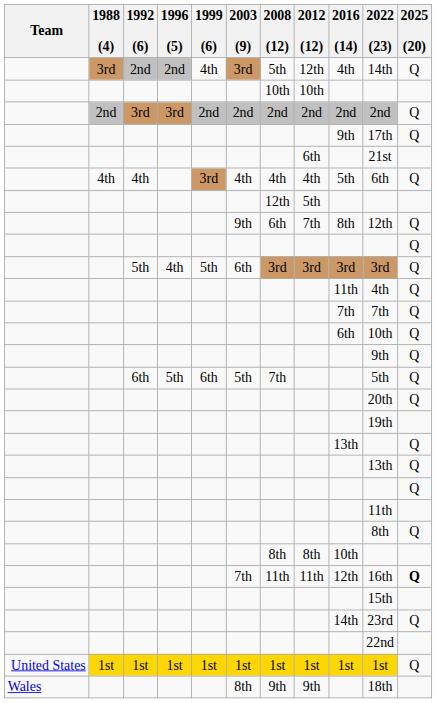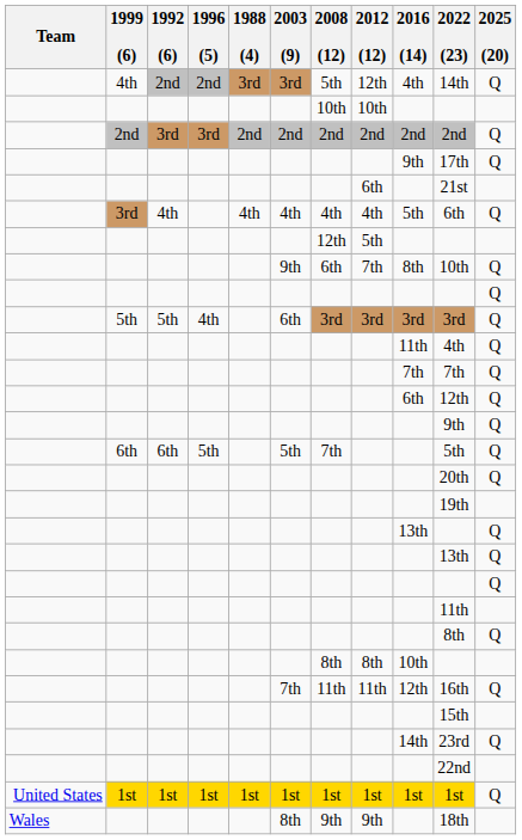 <table class="wikitable"  style="text-align:center;">
 <tr>
 <th>Team</th>
-<th>1988<br><br>(4)</th>
+<th>1999<br><br>(6)</th>
 <th>1992<br><br>(6)</th>
 <th>1996<br><br>(5)</th>
-<th>1999<br><br>(6)</th>
+<th>1988<br><br>(4)</th>
 <th>2003<br><br>(9)</th>
 <th>2008<br><br>(12)</th>
 <th>2012<br><br>(12)</th>
 <th>2016<br><br>(14)</th>
 <th>2022<br><br>(23)</th>
 <th>2025<br><br>(20)</th>
 </tr>
 <tr>
 <td align="left"></td>
-<td bgcolor="#cc9966">3rd</td>
+<td>4th</td>
 <td bgcolor="silver">2nd</td>
 <td bgcolor="silver">2nd</td>
-<td>4th</td>
+<td bgcolor="#cc9966">3rd</td>
 <td bgcolor="#cc9966">3rd</td>
 <td>5th</td>
 <td>12th</td>
 <td>4th</td>
 <td>14th</td>
 <td>Q</td>
 </tr>
 <tr>
 <td align="left"></td>
 <td></td>
 <td></td>
 <td></td>
 <td></td>
 <td></td>
 <td>10th</td>
 <td>10th</td>
 <td></td>
 <td></td>
 <td></td>
 </tr>
 <tr>
 <td align="left"></td>
 <td bgcolor="silver">2nd</td>
 <td bgcolor="#cc9966">3rd</td>
 <td bgcolor="#cc9966">3rd</td>
 <td bgcolor="silver">2nd</td>
 <td bgcolor="silver">2nd</td>
 <td bgcolor="silver">2nd</td>
 <td bgcolor="silver">2nd</td>
 <td bgcolor="silver">2nd</td>
 <td bgcolor="silver">2nd</td>
 <td>Q</td>
 </tr>
 <tr>
 <td align="left"></td>
 <td></td>
 <td></td>
 <td></td>
 <td></td>
 <td></td>
 <td></td>
 <td></td>
 <td>9th</td>
 <td>17th</td>
 <td>Q</td>
 </tr>
 <tr>
 <td align="left"></td>
 <td></td>
 <td></td>
 <td></td>
 <td></td>
 <td></td>
 <td></td>
 <td>6th</td>
 <td></td>
 <td>21st</td>
 <td></td>
 </tr>
 <tr>
 <td align="left"></td>
-<td>4th</td>
+<td bgcolor="#cc9966">3rd</td>
 <td>4th</td>
 <td></td>
-<td bgcolor="#cc9966">3rd</td>
+<td>4th</td>
 <td>4th</td>
 <td>4th</td>
 <td>4th</td>
 <td>5th</td>
 <td>6th</td>
 <td>Q</td>
 </tr>
 <tr>
 <td align="left"></td>
 <td></td>
 <td></td>
 <td></td>
 <td></td>
 <td></td>
 <td>12th</td>
 <td>5th</td>
 <td></td>
 <td></td>
 <td></td>
 </tr>
 <tr>
 <td align="left"></td>
 <td></td>
 <td></td>
 <td></td>
 <td></td>
 <td>9th</td>
 <td>6th</td>
 <td>7th</td>
 <td>8th</td>
-<td>12th</td>
+<td>10th</td>
 <td>Q</td>
 </tr>
 <tr>
 <td align="left"></td>
 <td></td>
 <td></td>
 <td></td>
 <td></td>
 <td></td>
 <td></td>
 <td></td>
 <td></td>
 <td></td>
 <td>Q</td>
 </tr>
 <tr>
 <td align="left"></td>
-<td></td>
+<td>5th</td>
 <td>5th</td>
 <td>4th</td>
-<td>5th</td>
+<td></td>
 <td>6th</td>
 <td bgcolor="#cc9966">3rd</td>
 <td bgcolor="#cc9966">3rd</td>
 <td bgcolor="#cc9966">3rd</td>
 <td bgcolor="#cc9966">3rd</td>
 <td>Q</td>
 </tr>
 <tr>
 <td align="left"></td>
 <td></td>
 <td></td>
 <td></td>
 <td></td>
 <td></td>
 <td></td>
 <td></td>
 <td>11th</td>
 <td>4th</td>
 <td>Q</td>
 </tr>
 <tr>
 <td align="left"></td>
 <td></td>
 <td></td>
 <td></td>
 <td></td>
 <td></td>
 <td></td>
 <td></td>
 <td>7th</td>
 <td>7th</td>
 <td>Q</td>
 </tr>
 <tr>
 <td align="left"></td>
 <td></td>
 <td></td>
 <td></td>
 <td></td>
 <td></td>
 <td></td>
 <td></td>
 <td>6th</td>
-<td>10th</td>
+<td>12th</td>
 <td>Q</td>
 </tr>
 <tr>
 <td align="left"></td>
 <td></td>
 <td></td>
 <td></td>
 <td></td>
 <td></td>
 <td></td>
 <td></td>
 <td></td>
 <td>9th</td>
 <td>Q</td>
 </tr>
 <tr>
 <td align="left"></td>
-<td></td>
+<td>6th</td>
 <td>6th</td>
 <td>5th</td>
-<td>6th</td>
+<td></td>
 <td>5th</td>
 <td>7th</td>
 <td></td>
 <td></td>
 <td>5th</td>
 <td>Q</td>
 </tr>
 <tr>
 <td align="left"></td>
 <td></td>
 <td></td>
 <td></td>
 <td></td>
 <td></td>
 <td></td>
 <td></td>
 <td></td>
 <td>20th</td>
 <td>Q</td>
 </tr>
 <tr>
 <td align="left"></td>
 <td></td>
 <td></td>
 <td></td>
 <td></td>
 <td></td>
 <td></td>
 <td></td>
 <td></td>
 <td>19th</td>
 <td></td>
 </tr>
 <tr>
 <td align="left"></td>
 <td></td>
 <td></td>
 <td></td>
 <td></td>
 <td></td>
 <td></td>
 <td></td>
 <td>13th</td>
 <td></td>
 <td>Q</td>
 </tr>
 <tr>
 <td align="left"></td>
 <td></td>
 <td></td>
 <td></td>
 <td></td>
 <td></td>
 <td></td>
 <td></td>
 <td></td>
 <td>13th</td>
 <td>Q</td>
 </tr>
 <tr>
 <td align="left"></td>
 <td></td>
 <td></td>
 <td></td>
 <td></td>
 <td></td>
 <td></td>
 <td></td>
 <td></td>
 <td></td>
 <td>Q</td>
 </tr>
 <tr>
 <td align="left"></td>
 <td></td>
 <td></td>
 <td></td>
 <td></td>
 <td></td>
 <td></td>
 <td></td>
 <td></td>
 <td>11th</td>
 <td></td>
 </tr>
 <tr>
 <td align="left"></td>
 <td></td>
 <td></td>
 <td></td>
 <td></td>
 <td></td>
 <td></td>
 <td></td>
 <td></td>
 <td>8th</td>
 <td>Q</td>
 </tr>
 <tr>
 <td align="left"></td>
 <td></td>
 <td></td>
 <td></td>
 <td></td>
 <td></td>
 <td>8th</td>
 <td>8th</td>
 <td>10th</td>
 <td></td>
 <td></td>
 </tr>
 <tr>
 <td align="left"></td>
 <td></td>
 <td></td>
 <td></td>
 <td></td>
 <td>7th</td>
 <td>11th</td>
 <td>11th</td>
 <td>12th</td>
 <td>16th</td>
-<td><strong>Q</strong></td>
+<td>Q</td>
 </tr>
 <tr>
 <td align="left"></td>
 <td></td>
 <td></td>
 <td></td>
 <td></td>
 <td></td>
 <td></td>
 <td></td>
 <td></td>
 <td>15th</td>
 <td></td>
 </tr>
 <tr>
 <td align="left"></td>
 <td></td>
 <td></td>
 <td></td>
 <td></td>
 <td></td>
 <td></td>
 <td></td>
 <td>14th</td>
 <td>23rd</td>
 <td>Q</td>
 </tr>
 <tr>
 <td align="left"></td>
 <td></td>
 <td></td>
 <td></td>
 <td></td>
 <td></td>
 <td></td>
 <td></td>
 <td></td>
 <td>22nd</td>
 <td></td>
 </tr>
 <tr>
 <td align="left"> <a href='#'>United States</a></td>
 <td bgcolor="gold">1st</td>
 <td bgcolor="gold">1st</td>
 <td bgcolor="gold">1st</td>
 <td bgcolor="gold">1st</td>
 <td bgcolor="gold">1st</td>
 <td bgcolor="gold">1st</td>
 <td bgcolor="gold">1st</td>
 <td bgcolor="gold">1st</td>
 <td bgcolor="gold">1st</td>
 <td>Q</td>
 </tr>
 <tr>
 <td align="left"> <a href='#'>Wales</a></td>
 <td></td>
 <td></td>
 <td></td>
 <td></td>
 <td>8th</td>
 <td>9th</td>
 <td>9th</td>
 <td></td>
 <td>18th</td>
 <td></td>
 </tr>
 </table>
